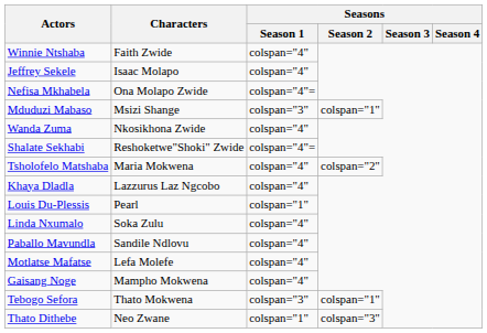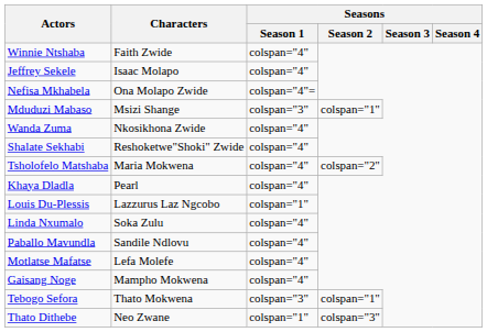 <table class="wikitable">
 <tr>
 <th rowspan="2">Actors</th>
 <th rowspan="2">Characters</th>
 <th colspan="4">Seasons</th>
 </tr>
 <tr>
 <th>Season 1</th>
 <th>Season 2</th>
 <th>Season 3</th>
 <th>Season 4</th>
 </tr>
 <tr>
 <td><a href='#'>Winnie Ntshaba</a></td>
 <td>Faith Zwide</td>
 <td>colspan="4" </td>
 </tr>
 <tr>
 <td><a href='#'>Jeffrey Sekele</a></td>
 <td>Isaac Molapo</td>
 <td>colspan="4" </td>
 </tr>
 <tr>
 <td><a href='#'>Nefisa Mkhabela</a></td>
 <td>Ona Molapo Zwide</td>
 <td>colspan="4"= </td>
 </tr>
 <tr>
 <td><a href='#'>Mduduzi Mabaso</a></td>
 <td>Msizi Shange</td>
 <td>colspan="3" </td>
 <td>colspan="1" </td>
 </tr>
 <tr>
 <td><a href='#'>Wanda Zuma</a></td>
 <td>Nkosikhona Zwide</td>
 <td>colspan="4" </td>
 </tr>
 <tr>
 <td><a href='#'>Shalate Sekhabi</a></td>
 <td>Reshoketwe"Shoki" Zwide</td>
-<td>colspan="4"= </td>
+<td>colspan="4" </td>
 </tr>
 <tr>
 <td><a href='#'>Tsholofelo Matshaba</a></td>
 <td>Maria Mokwena</td>
 <td>colspan="4"</td>
 <td>colspan="2" </td>
 </tr>
 <tr>
 <td><a href='#'>Khaya Dladla</a></td>
-<td>Lazzurus Laz Ngcobo</td>
+<td>Pearl</td>
 <td>colspan="4" </td>
 </tr>
 <tr>
 <td><a href='#'>Louis Du-Plessis</a></td>
-<td>Pearl</td>
+<td>Lazzurus Laz Ngcobo</td>
 <td>colspan="1"</td>
 </tr>
 <tr>
 <td><a href='#'>Linda Nxumalo</a></td>
 <td>Soka Zulu</td>
 <td>colspan="4"</td>
 </tr>
 <tr>
 <td><a href='#'>Paballo Mavundla</a></td>
 <td>Sandile Ndlovu</td>
 <td>colspan="4" </td>
 </tr>
 <tr>
 <td><a href='#'>Motlatse Mafatse</a></td>
 <td>Lefa Molefe</td>
 <td>colspan="4" </td>
 </tr>
 <tr>
 <td><a href='#'>Gaisang Noge</a></td>
 <td>Mampho Mokwena</td>
 <td>colspan="4"</td>
 </tr>
 <tr>
 <td><a href='#'>Tebogo Sefora</a></td>
 <td>Thato Mokwena</td>
 <td>colspan="3" </td>
 <td>colspan="1" </td>
 </tr>
 <tr>
 <td><a href='#'>Thato Dithebe</a></td>
 <td>Neo Zwane</td>
 <td>colspan="1"</td>
 <td>colspan="3"</td>
 </tr>
 </table>
